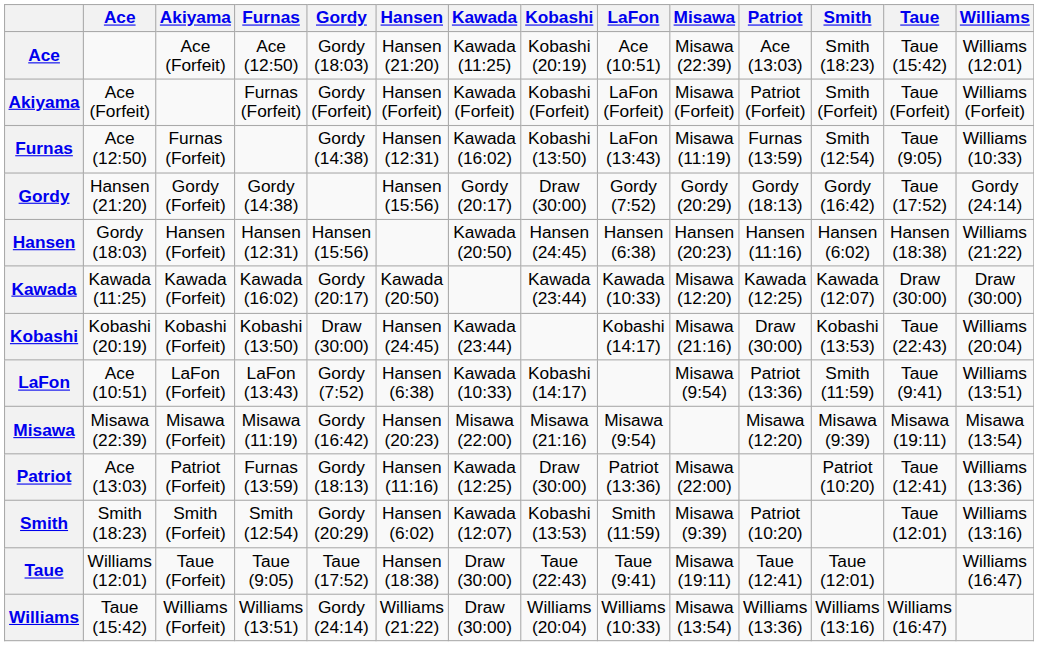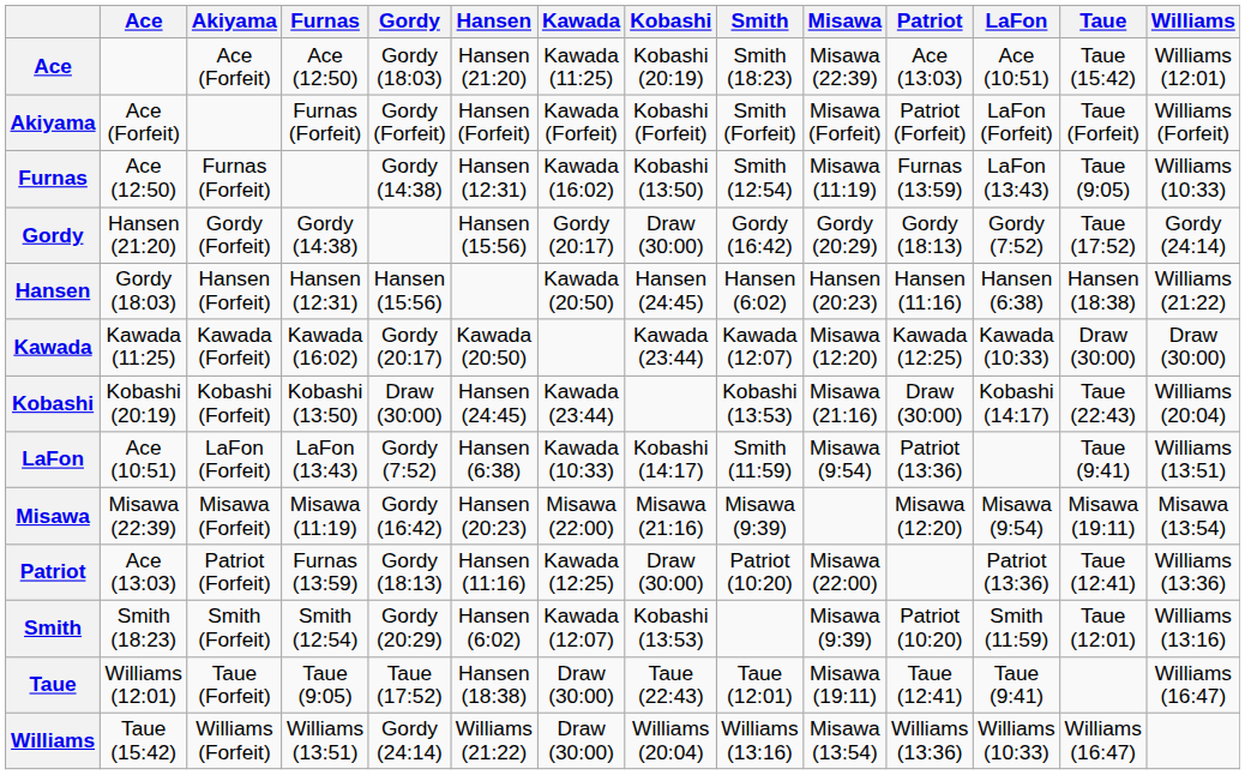 <table class="wikitable" style="margin: 1em auto 1em auto; text-align:center;">
 <tr>
 <th></th>
 <th><a href='#'>Ace</a></th>
 <th><a href='#'>Akiyama</a></th>
 <th><a href='#'>Furnas</a></th>
 <th><a href='#'>Gordy</a></th>
 <th><a href='#'>Hansen</a></th>
 <th><a href='#'>Kawada</a></th>
 <th><a href='#'>Kobashi</a></th>
-<th><a href='#'>LaFon</a></th>
+<th><a href='#'>Smith</a></th>
 <th><a href='#'>Misawa</a></th>
 <th><a href='#'>Patriot</a></th>
-<th><a href='#'>Smith</a></th>
+<th><a href='#'>LaFon</a></th>
 <th><a href='#'>Taue</a></th>
 <th><a href='#'>Williams</a></th>
 </tr>
 <tr>
 <th><a href='#'>Ace</a></th>
 <td></td>
 <td>Ace<br>(Forfeit)</td>
 <td>Ace<br>(12:50)</td>
 <td>Gordy<br>(18:03)</td>
 <td>Hansen<br>(21:20)</td>
 <td>Kawada<br>(11:25)</td>
 <td>Kobashi<br>(20:19)</td>
-<td>Ace<br>(10:51)</td>
+<td>Smith<br>(18:23)</td>
 <td>Misawa<br>(22:39)</td>
 <td>Ace<br>(13:03)</td>
-<td>Smith<br>(18:23)</td>
+<td>Ace<br>(10:51)</td>
 <td>Taue<br>(15:42)</td>
 <td>Williams<br>(12:01)</td>
 </tr>
 <tr>
 <th><a href='#'>Akiyama</a></th>
 <td>Ace<br>(Forfeit)</td>
 <td></td>
 <td>Furnas<br>(Forfeit)</td>
 <td>Gordy<br>(Forfeit)</td>
 <td>Hansen<br>(Forfeit)</td>
 <td>Kawada<br>(Forfeit)</td>
 <td>Kobashi<br>(Forfeit)</td>
-<td>LaFon<br>(Forfeit)</td>
+<td>Smith<br>(Forfeit)</td>
 <td>Misawa<br>(Forfeit)</td>
 <td>Patriot<br>(Forfeit)</td>
-<td>Smith<br>(Forfeit)</td>
+<td>LaFon<br>(Forfeit)</td>
 <td>Taue<br>(Forfeit)</td>
 <td>Williams<br>(Forfeit)</td>
 </tr>
 <tr>
 <th><a href='#'>Furnas</a></th>
 <td>Ace<br>(12:50)</td>
 <td>Furnas<br>(Forfeit)</td>
 <td></td>
 <td>Gordy<br>(14:38)</td>
 <td>Hansen<br>(12:31)</td>
 <td>Kawada<br>(16:02)</td>
 <td>Kobashi<br>(13:50)</td>
-<td>LaFon<br>(13:43)</td>
+<td>Smith<br>(12:54)</td>
 <td>Misawa<br>(11:19)</td>
 <td>Furnas<br>(13:59)</td>
-<td>Smith<br>(12:54)</td>
+<td>LaFon<br>(13:43)</td>
 <td>Taue<br>(9:05)</td>
 <td>Williams<br>(10:33)</td>
 </tr>
 <tr>
 <th><a href='#'>Gordy</a></th>
 <td>Hansen<br>(21:20)</td>
 <td>Gordy<br>(Forfeit)</td>
 <td>Gordy<br>(14:38)</td>
 <td></td>
 <td>Hansen<br>(15:56)</td>
 <td>Gordy<br>(20:17)</td>
 <td>Draw<br>(30:00)</td>
-<td>Gordy<br>(7:52)</td>
+<td>Gordy<br>(16:42)</td>
 <td>Gordy<br>(20:29)</td>
 <td>Gordy<br>(18:13)</td>
-<td>Gordy<br>(16:42)</td>
+<td>Gordy<br>(7:52)</td>
 <td>Taue<br>(17:52)</td>
 <td>Gordy<br>(24:14)</td>
 </tr>
 <tr>
 <th><a href='#'>Hansen</a></th>
 <td>Gordy<br>(18:03)</td>
 <td>Hansen<br>(Forfeit)</td>
 <td>Hansen<br>(12:31)</td>
 <td>Hansen<br>(15:56)</td>
 <td></td>
 <td>Kawada<br>(20:50)</td>
 <td>Hansen<br>(24:45)</td>
-<td>Hansen<br>(6:38)</td>
+<td>Hansen<br>(6:02)</td>
 <td>Hansen<br>(20:23)</td>
 <td>Hansen<br>(11:16)</td>
-<td>Hansen<br>(6:02)</td>
+<td>Hansen<br>(6:38)</td>
 <td>Hansen<br>(18:38)</td>
 <td>Williams<br>(21:22)</td>
 </tr>
 <tr>
 <th><a href='#'>Kawada</a></th>
 <td>Kawada<br>(11:25)</td>
 <td>Kawada<br>(Forfeit)</td>
 <td>Kawada<br>(16:02)</td>
 <td>Gordy<br>(20:17)</td>
 <td>Kawada<br>(20:50)</td>
 <td></td>
 <td>Kawada<br>(23:44)</td>
-<td>Kawada<br>(10:33)</td>
+<td>Kawada<br>(12:07)</td>
 <td>Misawa<br>(12:20)</td>
 <td>Kawada<br>(12:25)</td>
-<td>Kawada<br>(12:07)</td>
+<td>Kawada<br>(10:33)</td>
 <td>Draw<br>(30:00)</td>
 <td>Draw<br>(30:00)</td>
 </tr>
 <tr>
 <th><a href='#'>Kobashi</a></th>
 <td>Kobashi<br>(20:19)</td>
 <td>Kobashi<br>(Forfeit)</td>
 <td>Kobashi<br>(13:50)</td>
 <td>Draw<br>(30:00)</td>
 <td>Hansen<br>(24:45)</td>
 <td>Kawada<br>(23:44)</td>
 <td></td>
-<td>Kobashi<br>(14:17)</td>
+<td>Kobashi<br>(13:53)</td>
 <td>Misawa<br>(21:16)</td>
 <td>Draw<br>(30:00)</td>
-<td>Kobashi<br>(13:53)</td>
+<td>Kobashi<br>(14:17)</td>
 <td>Taue<br>(22:43)</td>
 <td>Williams<br>(20:04)</td>
 </tr>
 <tr>
 <th><a href='#'>LaFon</a></th>
 <td>Ace<br>(10:51)</td>
 <td>LaFon<br>(Forfeit)</td>
 <td>LaFon<br>(13:43)</td>
 <td>Gordy<br>(7:52)</td>
 <td>Hansen<br>(6:38)</td>
 <td>Kawada<br>(10:33)</td>
 <td>Kobashi<br>(14:17)</td>
-<td></td>
+<td>Smith<br>(11:59)</td>
 <td>Misawa<br>(9:54)</td>
 <td>Patriot<br>(13:36)</td>
-<td>Smith<br>(11:59)</td>
+<td></td>
 <td>Taue<br>(9:41)</td>
 <td>Williams<br>(13:51)</td>
 </tr>
 <tr>
 <th><a href='#'>Misawa</a></th>
 <td>Misawa<br>(22:39)</td>
 <td>Misawa<br>(Forfeit)</td>
 <td>Misawa<br>(11:19)</td>
 <td>Gordy<br>(16:42)</td>
 <td>Hansen<br>(20:23)</td>
 <td>Misawa<br>(22:00)</td>
 <td>Misawa<br>(21:16)</td>
-<td>Misawa<br>(9:54)</td>
+<td>Misawa<br>(9:39)</td>
 <td></td>
 <td>Misawa<br>(12:20)</td>
-<td>Misawa<br>(9:39)</td>
+<td>Misawa<br>(9:54)</td>
 <td>Misawa<br>(19:11)</td>
 <td>Misawa<br>(13:54)</td>
 </tr>
 <tr>
 <th><a href='#'>Patriot</a></th>
 <td>Ace<br>(13:03)</td>
 <td>Patriot<br>(Forfeit)</td>
 <td>Furnas<br>(13:59)</td>
 <td>Gordy<br>(18:13)</td>
 <td>Hansen<br>(11:16)</td>
 <td>Kawada<br>(12:25)</td>
 <td>Draw<br>(30:00)</td>
-<td>Patriot<br>(13:36)</td>
+<td>Patriot<br>(10:20)</td>
 <td>Misawa<br>(22:00)</td>
 <td></td>
-<td>Patriot<br>(10:20)</td>
+<td>Patriot<br>(13:36)</td>
 <td>Taue<br>(12:41)</td>
 <td>Williams<br>(13:36)</td>
 </tr>
 <tr>
 <th><a href='#'>Smith</a></th>
 <td>Smith<br>(18:23)</td>
 <td>Smith<br>(Forfeit)</td>
 <td>Smith<br>(12:54)</td>
 <td>Gordy<br>(20:29)</td>
 <td>Hansen<br>(6:02)</td>
 <td>Kawada<br>(12:07)</td>
 <td>Kobashi<br>(13:53)</td>
-<td>Smith<br>(11:59)</td>
+<td></td>
 <td>Misawa<br>(9:39)</td>
 <td>Patriot<br>(10:20)</td>
-<td></td>
+<td>Smith<br>(11:59)</td>
 <td>Taue<br>(12:01)</td>
 <td>Williams<br>(13:16)</td>
 </tr>
 <tr>
 <th><a href='#'>Taue</a></th>
 <td>Williams<br>(12:01)</td>
 <td>Taue<br>(Forfeit)</td>
 <td>Taue<br>(9:05)</td>
 <td>Taue<br>(17:52)</td>
 <td>Hansen<br>(18:38)</td>
 <td>Draw<br>(30:00)</td>
 <td>Taue<br>(22:43)</td>
-<td>Taue<br>(9:41)</td>
+<td>Taue<br>(12:01)</td>
 <td>Misawa<br>(19:11)</td>
 <td>Taue<br>(12:41)</td>
-<td>Taue<br>(12:01)</td>
+<td>Taue<br>(9:41)</td>
 <td></td>
 <td>Williams<br>(16:47)</td>
 </tr>
 <tr>
 <th><a href='#'>Williams</a></th>
 <td>Taue<br>(15:42)</td>
 <td>Williams<br>(Forfeit)</td>
 <td>Williams<br>(13:51)</td>
 <td>Gordy<br>(24:14)</td>
 <td>Williams<br>(21:22)</td>
 <td>Draw<br>(30:00)</td>
 <td>Williams<br>(20:04)</td>
-<td>Williams<br>(10:33)</td>
+<td>Williams<br>(13:16)</td>
 <td>Misawa<br>(13:54)</td>
 <td>Williams<br>(13:36)</td>
-<td>Williams<br>(13:16)</td>
+<td>Williams<br>(10:33)</td>
 <td>Williams<br>(16:47)</td>
 <td></td>
 </tr>
 </table>
